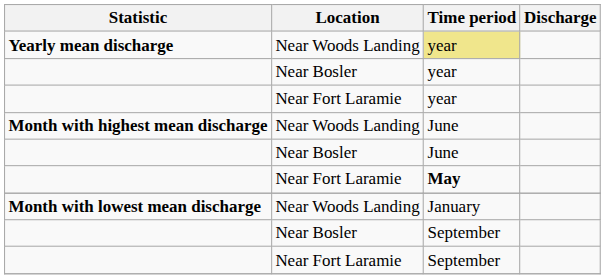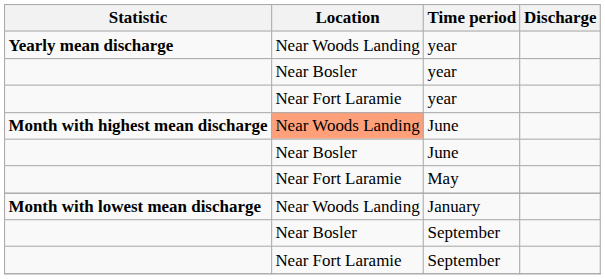 <table class="wikitable unsortable">
 <tr>
 <th>Statistic</th>
 <th>Location</th>
 <th>Time period</th>
 <th>Discharge</th>
 </tr>
 <tr>
 <td><strong>Yearly mean discharge</strong></td>
 <td>Near Woods Landing</td>
-<td style="background: khaki;">year</td>
+<td>year</td>
 <td></td>
 </tr>
 <tr>
 <td></td>
 <td>Near Bosler</td>
 <td>year</td>
 <td></td>
 </tr>
 <tr>
 <td></td>
 <td>Near Fort Laramie</td>
 <td>year</td>
 <td></td>
 </tr>
 <tr>
 <td><strong>Month with highest mean discharge</strong></td>
-<td>Near Woods Landing</td>
+<td style="background: lightsalmon;">Near Woods Landing</td>
 <td>June</td>
 <td></td>
 </tr>
 <tr>
 <td></td>
 <td>Near Bosler</td>
 <td>June</td>
 <td></td>
 </tr>
 <tr>
 <td></td>
 <td>Near Fort Laramie</td>
-<td><strong>May</strong></td>
+<td>May</td>
 <td></td>
 </tr>
 <tr>
 </tr>
 <tr>
 <td><strong>Month with lowest mean discharge</strong></td>
 <td>Near Woods Landing</td>
 <td>January</td>
 <td></td>
 </tr>
 <tr>
 <td></td>
 <td>Near Bosler</td>
 <td>September</td>
 <td></td>
 </tr>
 <tr>
 <td></td>
 <td>Near Fort Laramie</td>
 <td>September</td>
 <td></td>
 </tr>
 <tr>
 </tr>
 </table>
